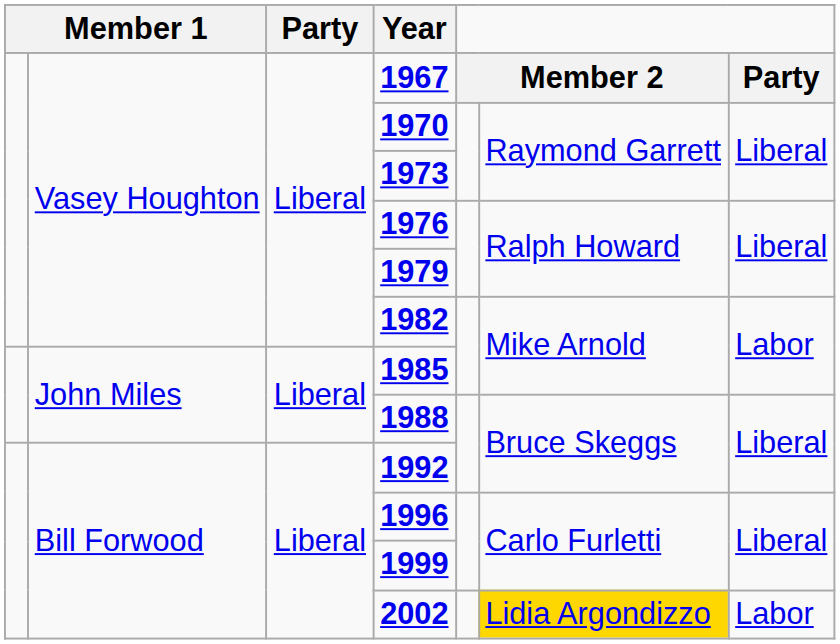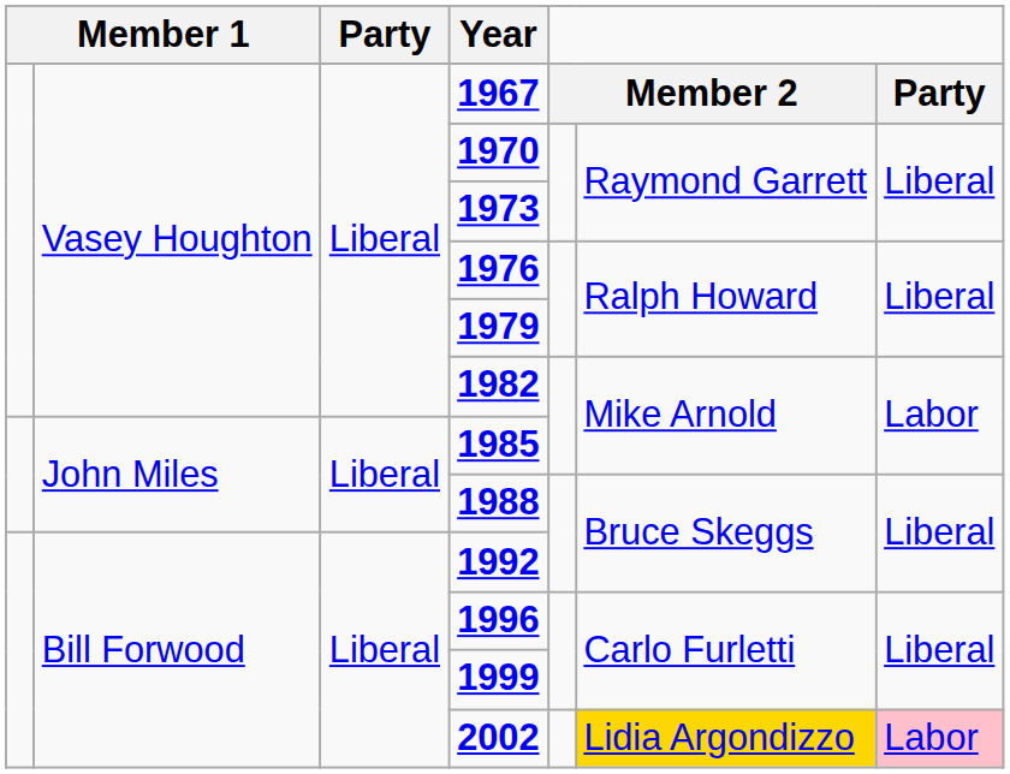 <table class="wikitable">
 <tr>
 <th colspan="2">Member 1</th>
 <th>Party</th>
 <th>Year</th>
 </tr>
 <tr>
 <td rowspan=6  > </td>
 <td rowspan=6><a href='#'>Vasey Houghton</a></td>
 <td rowspan=6><a href='#'>Liberal</a></td>
 <td><strong><a href='#'>1967</a></strong></td>
 <th colspan="2">Member 2</th>
 <th>Party</th>
 </tr>
 <tr>
 <td><strong><a href='#'>1970</a></strong></td>
 <td rowspan=2 > </td>
 <td rowspan=2><a href='#'>Raymond Garrett</a></td>
 <td rowspan=2><a href='#'>Liberal</a></td>
 </tr>
 <tr>
 <td><strong><a href='#'>1973</a></strong></td>
 </tr>
 <tr>
 <td><strong><a href='#'>1976</a></strong></td>
 <td rowspan=2 > </td>
 <td rowspan=2><a href='#'>Ralph Howard</a></td>
 <td rowspan=2><a href='#'>Liberal</a></td>
 </tr>
 <tr>
 <td><strong><a href='#'>1979</a></strong></td>
 </tr>
 <tr>
 <td><strong><a href='#'>1982</a></strong></td>
 <td rowspan=2 > </td>
 <td rowspan=2><a href='#'>Mike Arnold</a></td>
 <td rowspan=2><a href='#'>Labor</a></td>
 </tr>
 <tr>
 <td rowspan=2 > </td>
 <td rowspan=2><a href='#'>John Miles</a></td>
 <td rowspan=2><a href='#'>Liberal</a></td>
 <td><strong><a href='#'>1985</a></strong></td>
 </tr>
 <tr>
 <td><strong><a href='#'>1988</a></strong></td>
 <td rowspan=2 > </td>
 <td rowspan=2><a href='#'>Bruce Skeggs</a></td>
 <td rowspan=2><a href='#'>Liberal</a></td>
 </tr>
 <tr>
 <td rowspan=4 > </td>
 <td rowspan=4><a href='#'>Bill Forwood</a></td>
 <td rowspan=4><a href='#'>Liberal</a></td>
 <td><strong><a href='#'>1992</a></strong></td>
 </tr>
 <tr>
 <td><strong><a href='#'>1996</a></strong></td>
 <td rowspan=2 > </td>
 <td rowspan=2><a href='#'>Carlo Furletti</a></td>
 <td rowspan=2><a href='#'>Liberal</a></td>
 </tr>
 <tr>
 <td><strong><a href='#'>1999</a></strong></td>
 </tr>
 <tr>
 <td><strong><a href='#'>2002</a></strong></td>
 <td> </td>
 <td style="background: gold;"><a href='#'>Lidia Argondizzo</a></td>
-<td><a href='#'>Labor</a></td>
+<td style="background: pink;"><a href='#'>Labor</a></td>
 </tr>
 </table>
